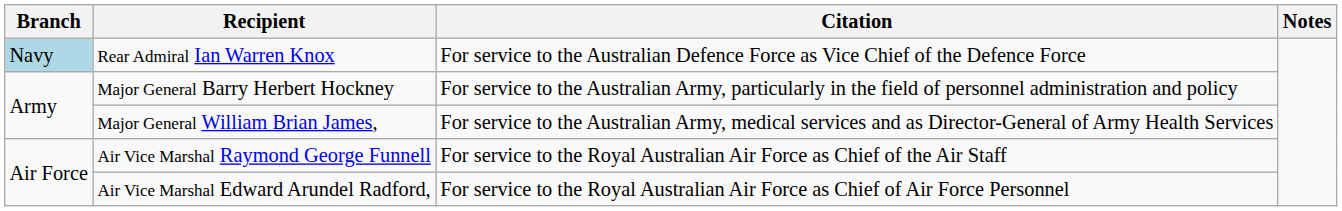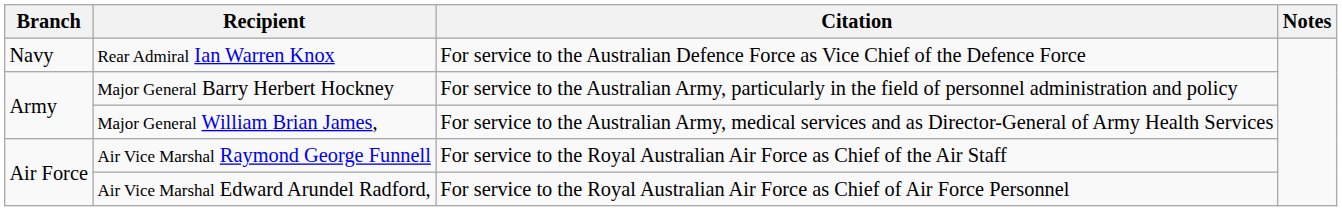 <table class="wikitable" style="font-size:95%;">
 <tr>
 <th>Branch</th>
 <th>Recipient</th>
 <th>Citation</th>
 <th>Notes</th>
 </tr>
 <tr>
-<td style="background: lightblue;">Navy</td>
+<td>Navy</td>
 <td><small>Rear Admiral</small> <a href='#'>Ian Warren Knox</a></td>
 <td>For service to the Australian Defence Force as Vice Chief of the Defence Force</td>
 <td rowspan="5"></td>
 </tr>
 <tr>
 <td rowspan="2">Army</td>
 <td><small>Major General</small> Barry Herbert Hockney</td>
 <td>For service to the Australian Army, particularly in the field of personnel administration and policy</td>
 </tr>
 <tr>
 <td><small>Major General</small> <a href='#'>William Brian James</a>, </td>
 <td>For service to the Australian Army, medical services and as Director-General of Army Health Services</td>
 </tr>
 <tr>
 <td rowspan="2">Air Force</td>
 <td><small>Air Vice Marshal</small> <a href='#'>Raymond George Funnell</a></td>
 <td>For service to the Royal Australian Air Force as Chief of the Air Staff</td>
 </tr>
 <tr>
 <td><small>Air Vice Marshal</small> Edward Arundel Radford, </td>
 <td>For service to the Royal Australian Air Force as Chief of Air Force Personnel</td>
 </tr>
 </table>
